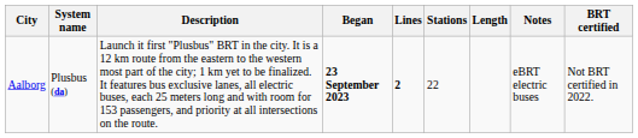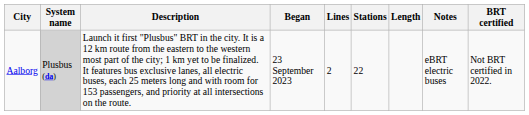 <table class="wikitable">
 <tr>
 <th>City</th>
 <th>System name</th>
 <th>Description</th>
 <th>Began</th>
 <th>Lines</th>
 <th>Stations</th>
 <th>Length</th>
 <th>Notes</th>
 <th>BRT certified</th>
 </tr>
 <tr>
 <td><a href='#'>Aalborg</a></td>
-<td>Plusbus <small>(<a href='#'><strong>da</strong></a>)</small></td>
+<td style="background: lightgrey;">Plusbus <small>(<a href='#'><strong>da</strong></a>)</small></td>
 <td>Launch it first "Plusbus" BRT in the city. It is a 12 km route from the eastern to the western most part of the city; 1 km yet to be finalized.<br>It features bus exclusive lanes, all electric buses, each 25 meters long and with room for 153 passengers, and priority at all intersections on the route.</td>
-<td><strong>23 September 2023</strong></td>
-<td><strong>2</strong></td>
+<td>23 September 2023</td>
+<td>2</td>
 <td>22</td>
 <td></td>
 <td>eBRT electric buses</td>
 <td>Not BRT certified in 2022.</td>
 </tr>
 </table>
